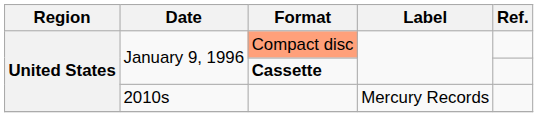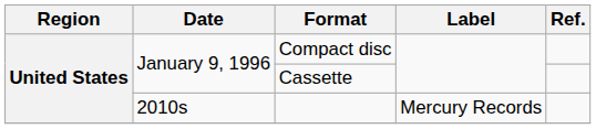 <table class="wikitable plainrowheaders">
 <tr>
 <th scope="col">Region</th>
 <th scope="col">Date</th>
 <th scope="col">Format</th>
 <th scope="col">Label</th>
 <th scope="col">Ref.</th>
 </tr>
 <tr>
 <th scope="row" rowspan="3">United States</th>
 <td rowspan="2">January 9, 1996</td>
-<td style="background: lightsalmon;">Compact disc</td>
+<td>Compact disc</td>
 <td rowspan="2"></td>
 <td></td>
 </tr>
 <tr>
-<td><strong>Cassette</strong></td>
+<td>Cassette</td>
 <td></td>
 </tr>
 <tr>
 <td>2010s</td>
 <td></td>
 <td>Mercury Records</td>
 <td></td>
 </tr>
 <tr>
 </tr>
 </table>
